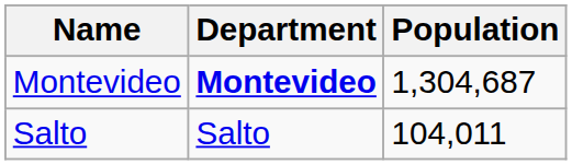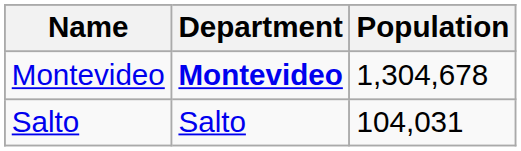 <table class="wikitable sortable sticky-header col3right">
 <tr>
 <th align="center">Name</th>
 <th align="center">Department</th>
 <th align="center">Population</th>
 </tr>
 <tr>
 <td><a href='#'>Montevideo</a></td>
 <td><strong><a href='#'>Montevideo</a></strong></td>
-<td>1,304,687</td>
+<td>1,304,678</td>
 </tr>
 <tr>
 <td><a href='#'>Salto</a></td>
 <td><a href='#'>Salto</a></td>
-<td>104,011</td>
+<td>104,031</td>
 </tr>
 </table>
